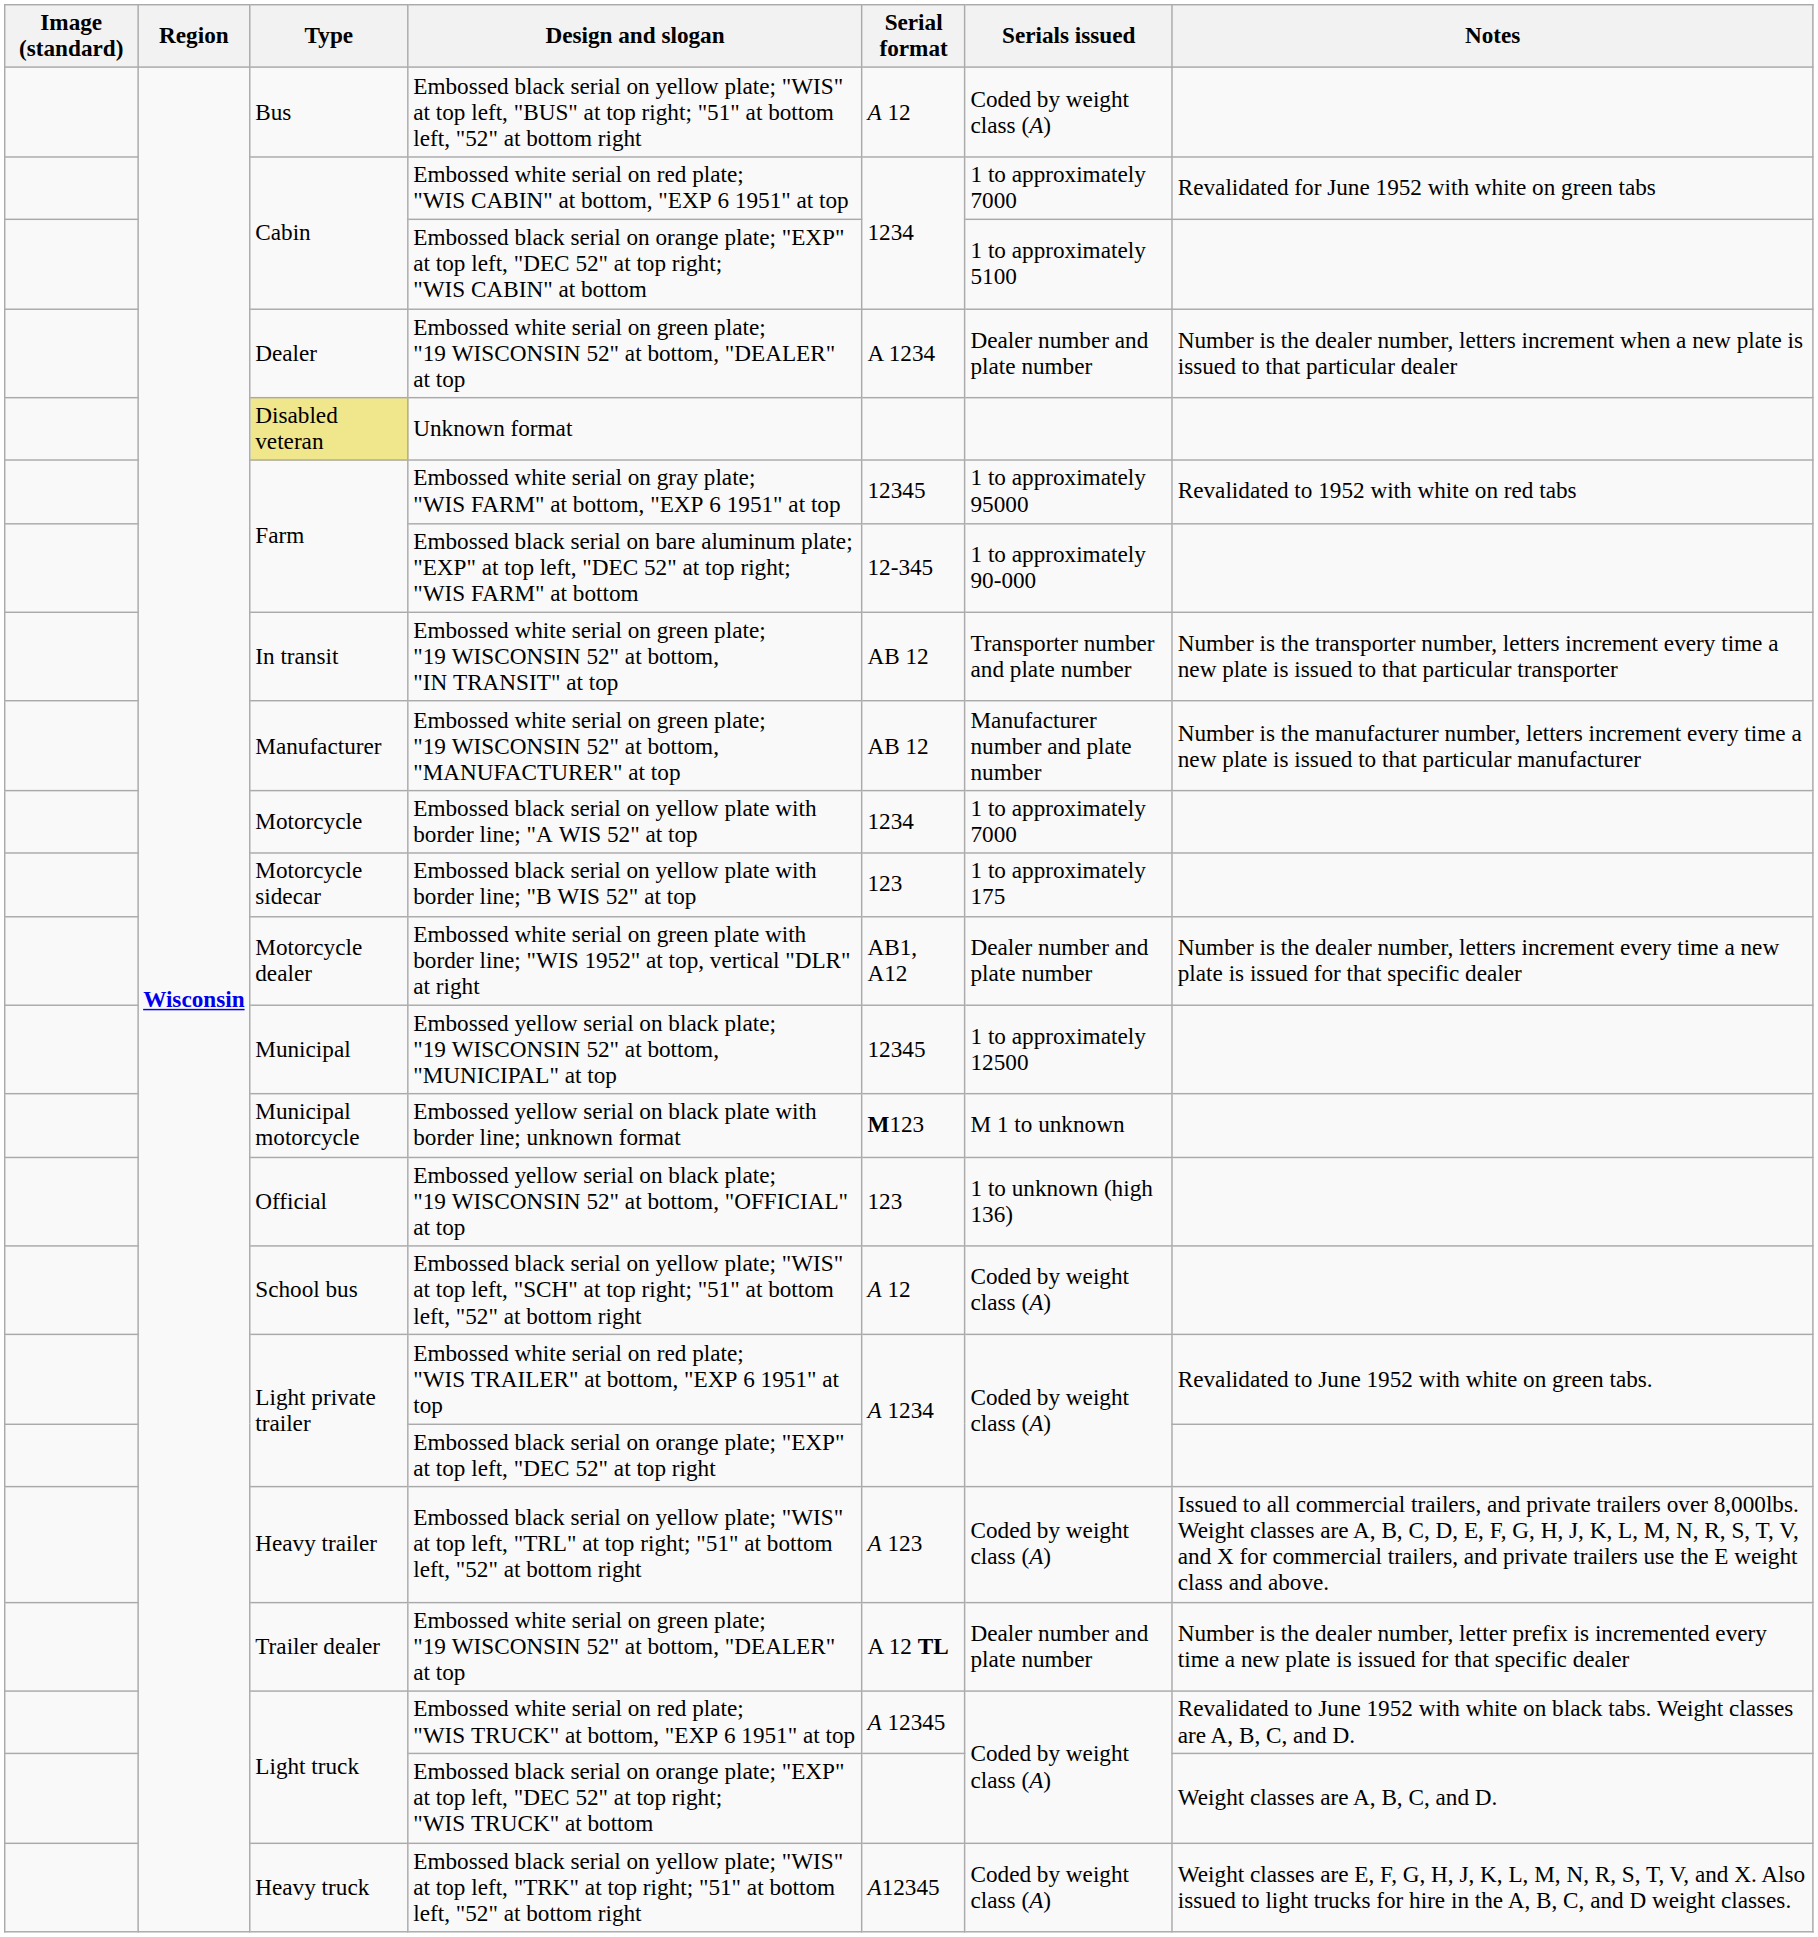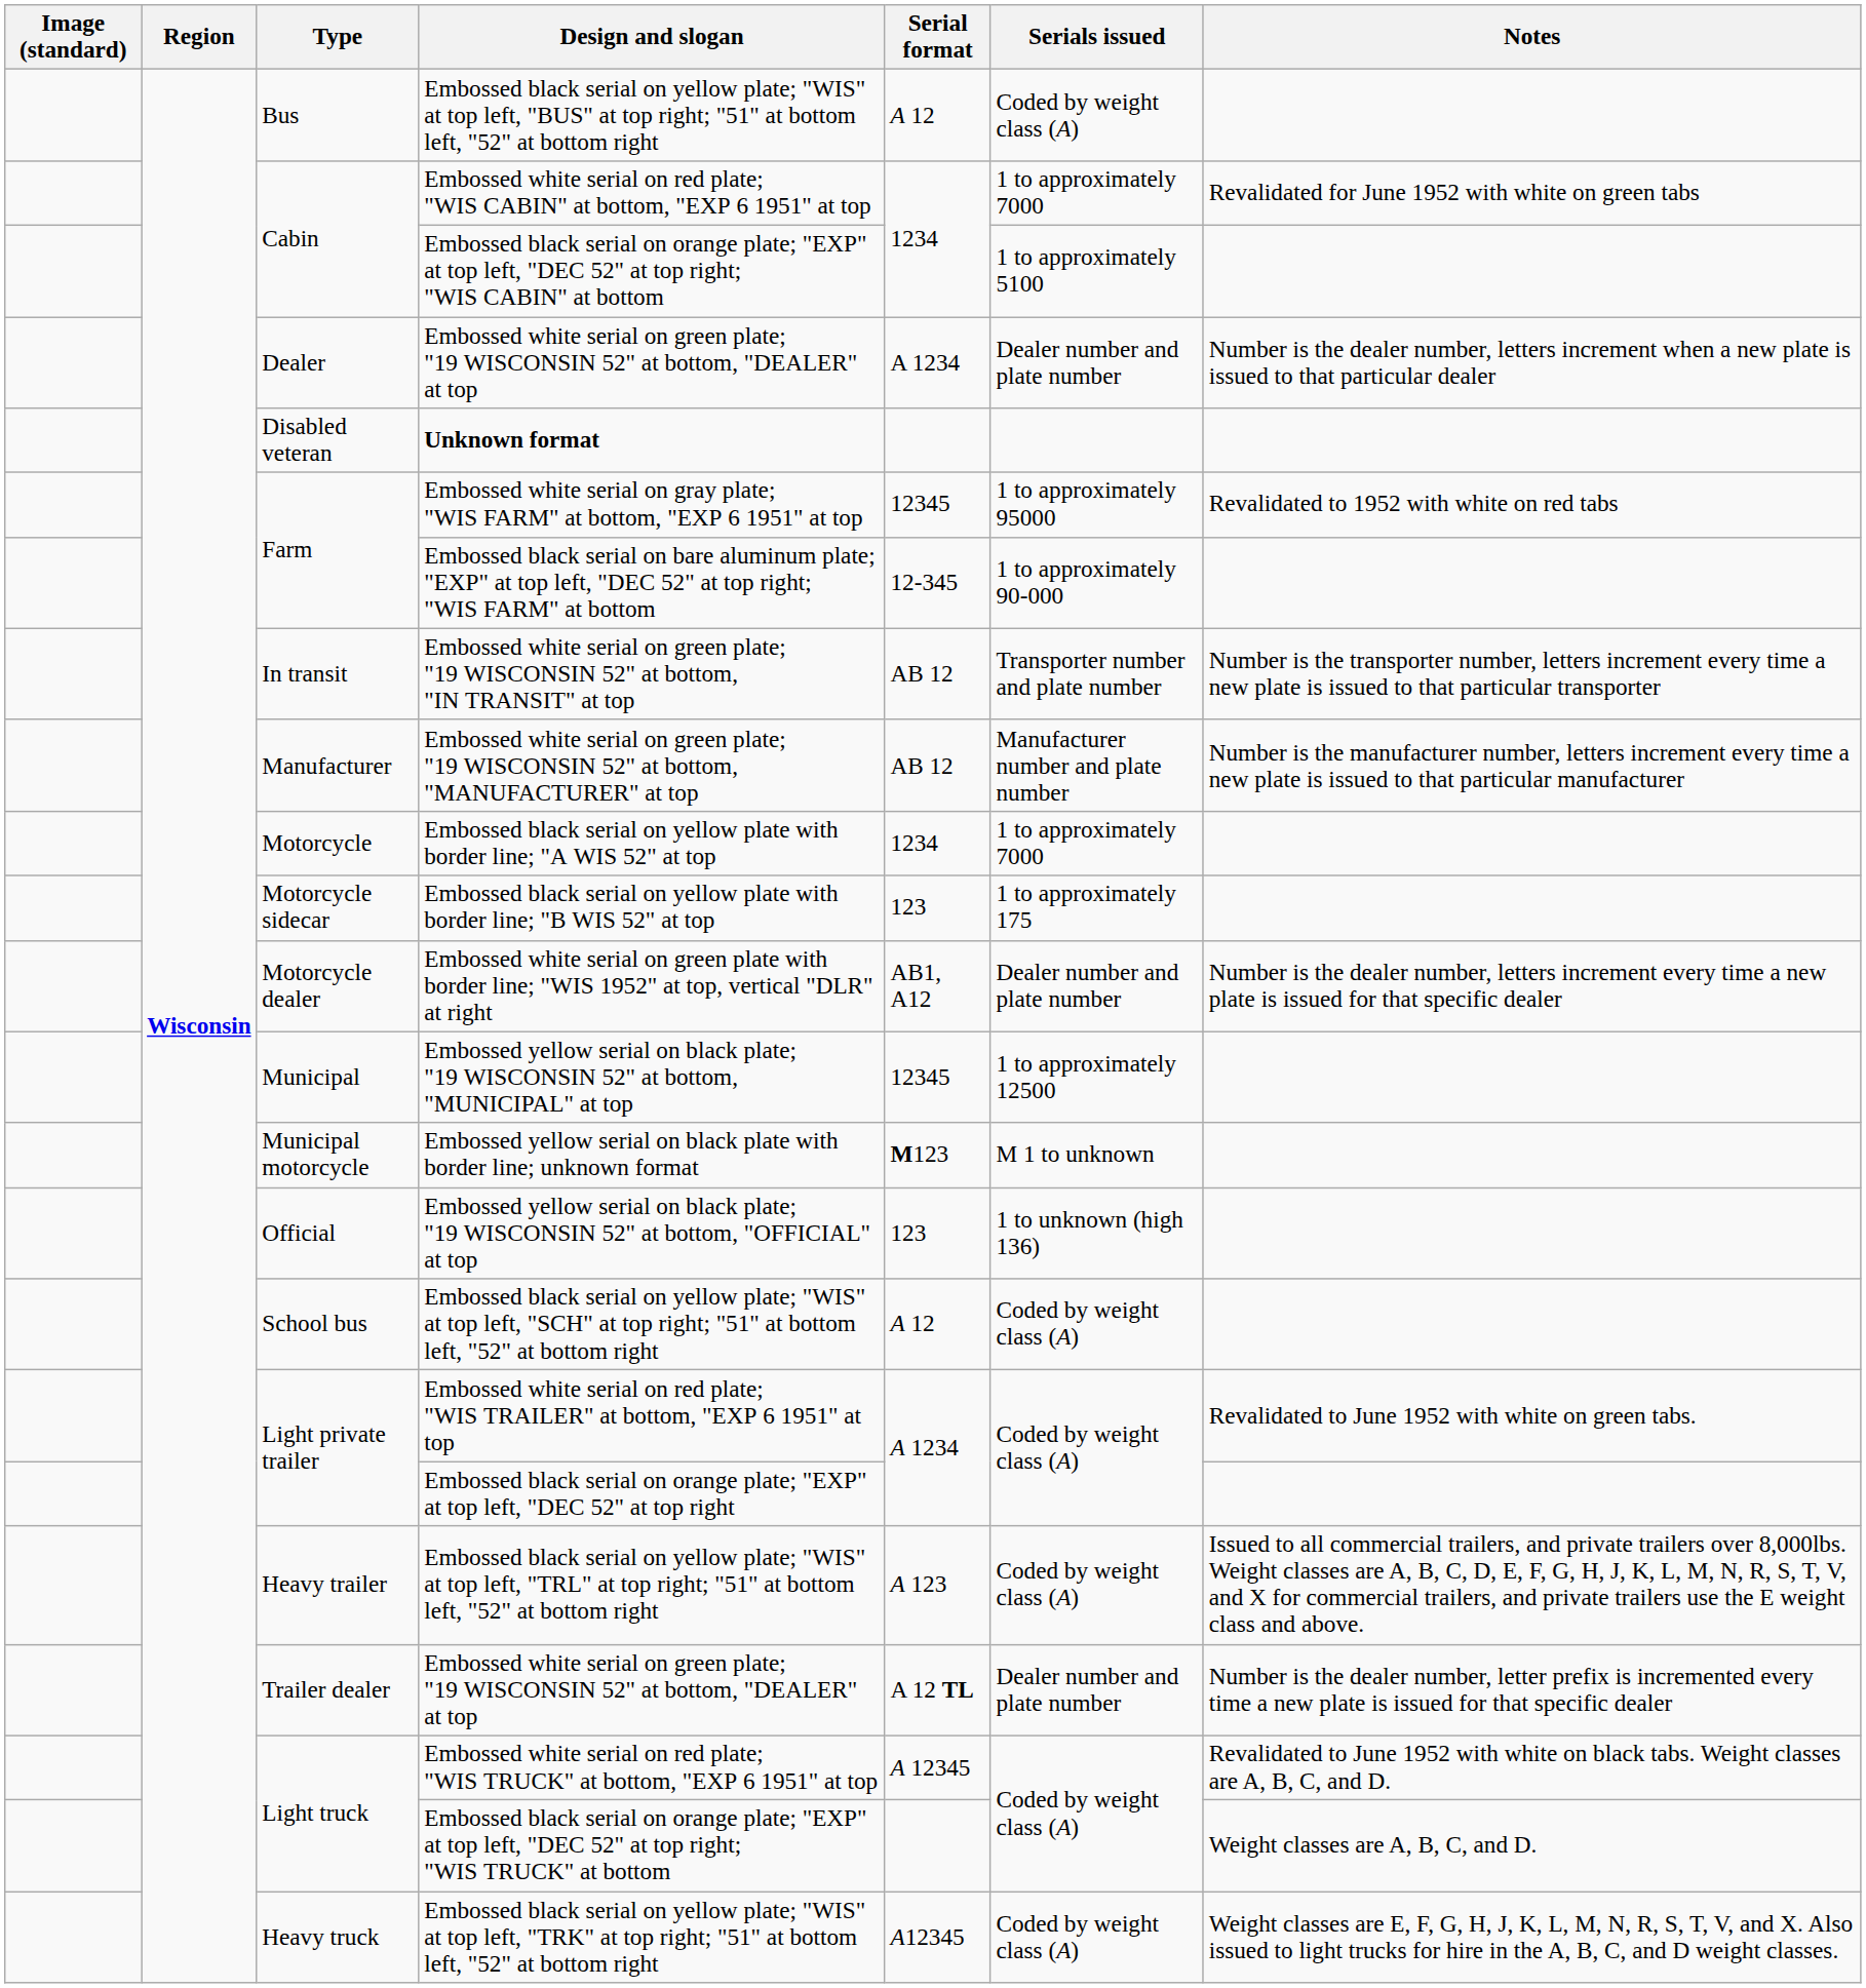 <table class="wikitable">
 <tr>
 <th>Image (standard)</th>
 <th>Region</th>
 <th>Type</th>
 <th>Design and slogan</th>
 <th>Serial format</th>
 <th>Serials issued</th>
 <th>Notes</th>
 </tr>
 <tr>
 <td></td>
 <td rowspan="23"><a href='#'><strong>Wisconsin</strong></a></td>
 <td>Bus</td>
 <td>Embossed black serial on yellow plate; "WIS" at top left, "BUS" at top right; "51" at bottom left, "52" at bottom right</td>
 <td><em>A</em> 12</td>
 <td>Coded by weight class (<em>A</em>)</td>
 <td></td>
 </tr>
 <tr>
 <td></td>
 <td rowspan="2">Cabin</td>
 <td>Embossed white serial on red plate; "WIS CABIN" at bottom, "EXP 6 1951" at top</td>
 <td rowspan="2">1234</td>
 <td>1 to approximately 7000</td>
 <td>Revalidated for June 1952 with white on green tabs</td>
 </tr>
 <tr>
 <td></td>
 <td>Embossed black serial on orange plate; "EXP" at top left, "DEC 52" at top right; "WIS CABIN" at bottom</td>
 <td>1 to approximately 5100</td>
 <td></td>
 </tr>
 <tr>
 <td></td>
 <td>Dealer</td>
 <td>Embossed white serial on green plate; "19 WISCONSIN 52" at bottom, "DEALER" at top</td>
 <td>A 1234</td>
 <td>Dealer number and plate number</td>
 <td>Number is the dealer number, letters increment when a new plate is issued to that particular dealer</td>
 </tr>
 <tr>
 <td></td>
-<td style="background: khaki;">Disabled veteran</td>
-<td>Unknown format</td>
+<td>Disabled veteran</td>
+<td><strong>Unknown format</strong></td>
 <td></td>
 <td></td>
 <td></td>
 </tr>
 <tr>
 <td></td>
 <td rowspan="2">Farm</td>
 <td>Embossed white serial on gray plate; "WIS FARM" at bottom, "EXP 6 1951" at top</td>
 <td>12345</td>
 <td>1 to approximately 95000</td>
 <td>Revalidated to 1952 with white on red tabs</td>
 </tr>
 <tr>
 <td></td>
 <td>Embossed black serial on bare aluminum plate; "EXP" at top left, "DEC 52" at top right; "WIS FARM" at bottom</td>
 <td>12-345</td>
 <td>1 to approximately 90-000</td>
 <td></td>
 </tr>
 <tr>
 <td></td>
 <td>In transit</td>
 <td>Embossed white serial on green plate; "19 WISCONSIN 52" at bottom, "IN TRANSIT" at top</td>
 <td>AB 12</td>
 <td>Transporter number and plate number</td>
 <td>Number is the transporter number, letters increment every time a new plate is issued to that particular transporter</td>
 </tr>
 <tr>
 <td></td>
 <td>Manufacturer</td>
 <td>Embossed white serial on green plate; "19 WISCONSIN 52" at bottom, "MANUFACTURER" at top</td>
 <td>AB 12</td>
 <td>Manufacturer number and plate number</td>
 <td>Number is the manufacturer number, letters increment every time a new plate is issued to that particular manufacturer</td>
 </tr>
 <tr>
 <td></td>
 <td>Motorcycle</td>
 <td>Embossed black serial on yellow plate with border line; "A WIS 52" at top</td>
 <td>1234</td>
 <td>1 to approximately 7000</td>
 <td></td>
 </tr>
 <tr>
 <td></td>
 <td>Motorcycle sidecar</td>
 <td>Embossed black serial on yellow plate with border line; "B WIS 52" at top</td>
 <td>123</td>
 <td>1 to approximately 175</td>
 <td></td>
 </tr>
 <tr>
 <td></td>
 <td>Motorcycle dealer</td>
 <td>Embossed white serial on green plate with border line; "WIS 1952" at top, vertical "DLR" at right</td>
 <td>AB1, A12</td>
 <td>Dealer number and plate number</td>
 <td>Number is the dealer number, letters increment every time a new plate is issued for that specific dealer</td>
 </tr>
 <tr>
 <td></td>
 <td>Municipal</td>
 <td>Embossed yellow serial on black plate; "19 WISCONSIN 52" at bottom, "MUNICIPAL" at top</td>
 <td>12345</td>
 <td>1 to approximately 12500</td>
 <td></td>
 </tr>
 <tr>
 <td></td>
 <td>Municipal motorcycle</td>
 <td>Embossed yellow serial on black plate with border line; unknown format</td>
 <td><strong>M</strong>123</td>
 <td>M 1 to unknown</td>
 <td></td>
 </tr>
 <tr>
 <td></td>
 <td>Official</td>
 <td>Embossed yellow serial on black plate; "19 WISCONSIN 52" at bottom, "OFFICIAL" at top</td>
 <td>123</td>
 <td>1 to unknown (high 136)</td>
 <td></td>
 </tr>
 <tr>
 <td></td>
 <td>School bus</td>
 <td>Embossed black serial on yellow plate; "WIS" at top left, "SCH" at top right; "51" at bottom left, "52" at bottom right</td>
 <td><em>A</em> 12</td>
 <td>Coded by weight class (<em>A</em>)</td>
 <td></td>
 </tr>
 <tr>
 <td></td>
 <td rowspan="2">Light private trailer</td>
 <td>Embossed white serial on red plate; "WIS TRAILER" at bottom, "EXP 6 1951" at top</td>
 <td rowspan="2"><em>A</em> 1234</td>
 <td rowspan="2">Coded by weight class (<em>A</em>)</td>
 <td>Revalidated to June 1952 with white on green tabs.</td>
 </tr>
 <tr>
 <td></td>
 <td>Embossed black serial on orange plate; "EXP" at top left, "DEC 52" at top right</td>
 <td></td>
 </tr>
 <tr>
 <td></td>
 <td>Heavy trailer</td>
 <td>Embossed black serial on yellow plate; "WIS" at top left, "TRL" at top right; "51" at bottom left, "52" at bottom right</td>
 <td><em>A</em> 123</td>
 <td>Coded by weight class (<em>A</em>)</td>
 <td>Issued to all commercial trailers, and private trailers over 8,000lbs. Weight classes are A, B, C, D, E, F, G, H, J, K, L, M, N, R, S, T, V, and X for commercial trailers, and private trailers use the E weight class and above.</td>
 </tr>
 <tr>
 <td></td>
 <td>Trailer dealer</td>
 <td>Embossed white serial on green plate; "19 WISCONSIN 52" at bottom, "DEALER" at top</td>
 <td>A 12 <strong>TL</strong></td>
 <td>Dealer number and plate number</td>
 <td>Number is the dealer number, letter prefix is incremented every time a new plate is issued for that specific dealer</td>
 </tr>
 <tr>
 <td></td>
 <td rowspan="2">Light truck</td>
 <td>Embossed white serial on red plate; "WIS TRUCK" at bottom, "EXP 6 1951" at top</td>
 <td><em>A</em> 12345</td>
 <td rowspan="2">Coded by weight class (<em>A</em>)</td>
 <td>Revalidated to June 1952 with white on black tabs. Weight classes are A, B, C, and D.</td>
 </tr>
 <tr>
 <td></td>
 <td>Embossed black serial on orange plate; "EXP" at top left, "DEC 52" at top right; "WIS TRUCK" at bottom</td>
 <td></td>
 <td>Weight classes are A, B, C, and D.</td>
 </tr>
 <tr>
 <td></td>
 <td>Heavy truck</td>
 <td>Embossed black serial on yellow plate; "WIS" at top left, "TRK" at top right; "51" at bottom left, "52" at bottom right</td>
 <td><em>A</em>12345</td>
 <td>Coded by weight class (<em>A</em>)</td>
 <td>Weight classes are E, F, G, H, J, K, L, M, N, R, S, T, V, and X. Also issued to light trucks for hire in the A, B, C, and D weight classes.</td>
 </tr>
 </table>
